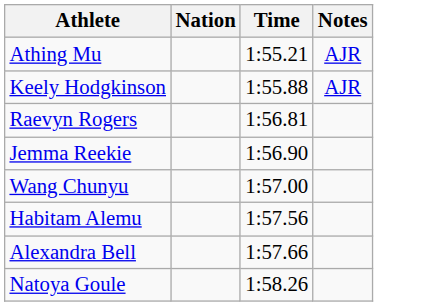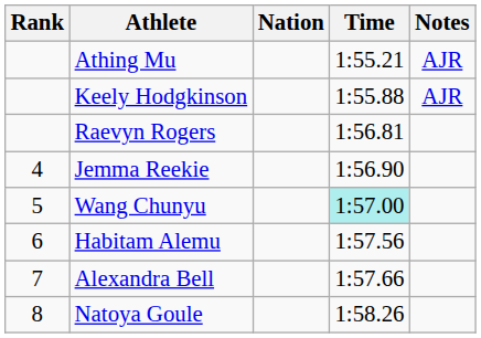 <table class="wikitable sortable" style="text-align:center;">
 <tr>
+<th>Rank</th>
 <th>Athlete</th>
 <th>Nation</th>
 <th>Time</th>
 <th>Notes</th>
 </tr>
 <tr>
+<td></td>
 <td align="left"><a href='#'>Athing Mu</a></td>
 <td align="left"></td>
 <td>1:55.21</td>
 <td> <a href='#'>AJR</a></td>
 </tr>
 <tr>
+<td></td>
 <td align="left"><a href='#'>Keely Hodgkinson</a></td>
 <td align="left"></td>
 <td>1:55.88</td>
 <td> <a href='#'>AJR</a></td>
 </tr>
 <tr>
+<td></td>
 <td align="left"><a href='#'>Raevyn Rogers</a></td>
 <td align="left"></td>
 <td>1:56.81</td>
 <td></td>
 </tr>
 <tr>
+<td>4</td>
 <td align="left"><a href='#'>Jemma Reekie</a></td>
 <td align="left"></td>
 <td>1:56.90</td>
 <td></td>
 </tr>
 <tr>
+<td>5</td>
 <td align="left"><a href='#'>Wang Chunyu</a></td>
 <td align="left"></td>
-<td>1:57.00</td>
+<td style="background: paleturquoise;">1:57.00</td>
 <td></td>
 </tr>
 <tr>
+<td>6</td>
 <td align="left"><a href='#'>Habitam Alemu</a></td>
 <td align="left"></td>
 <td>1:57.56</td>
 <td></td>
 </tr>
 <tr>
+<td>7</td>
 <td align="left"><a href='#'>Alexandra Bell</a></td>
 <td align="left"></td>
 <td>1:57.66</td>
 <td></td>
 </tr>
 <tr>
+<td>8</td>
 <td align="left"><a href='#'>Natoya Goule</a></td>
 <td align="left"></td>
 <td>1:58.26</td>
 <td></td>
 </tr>
 </table>
